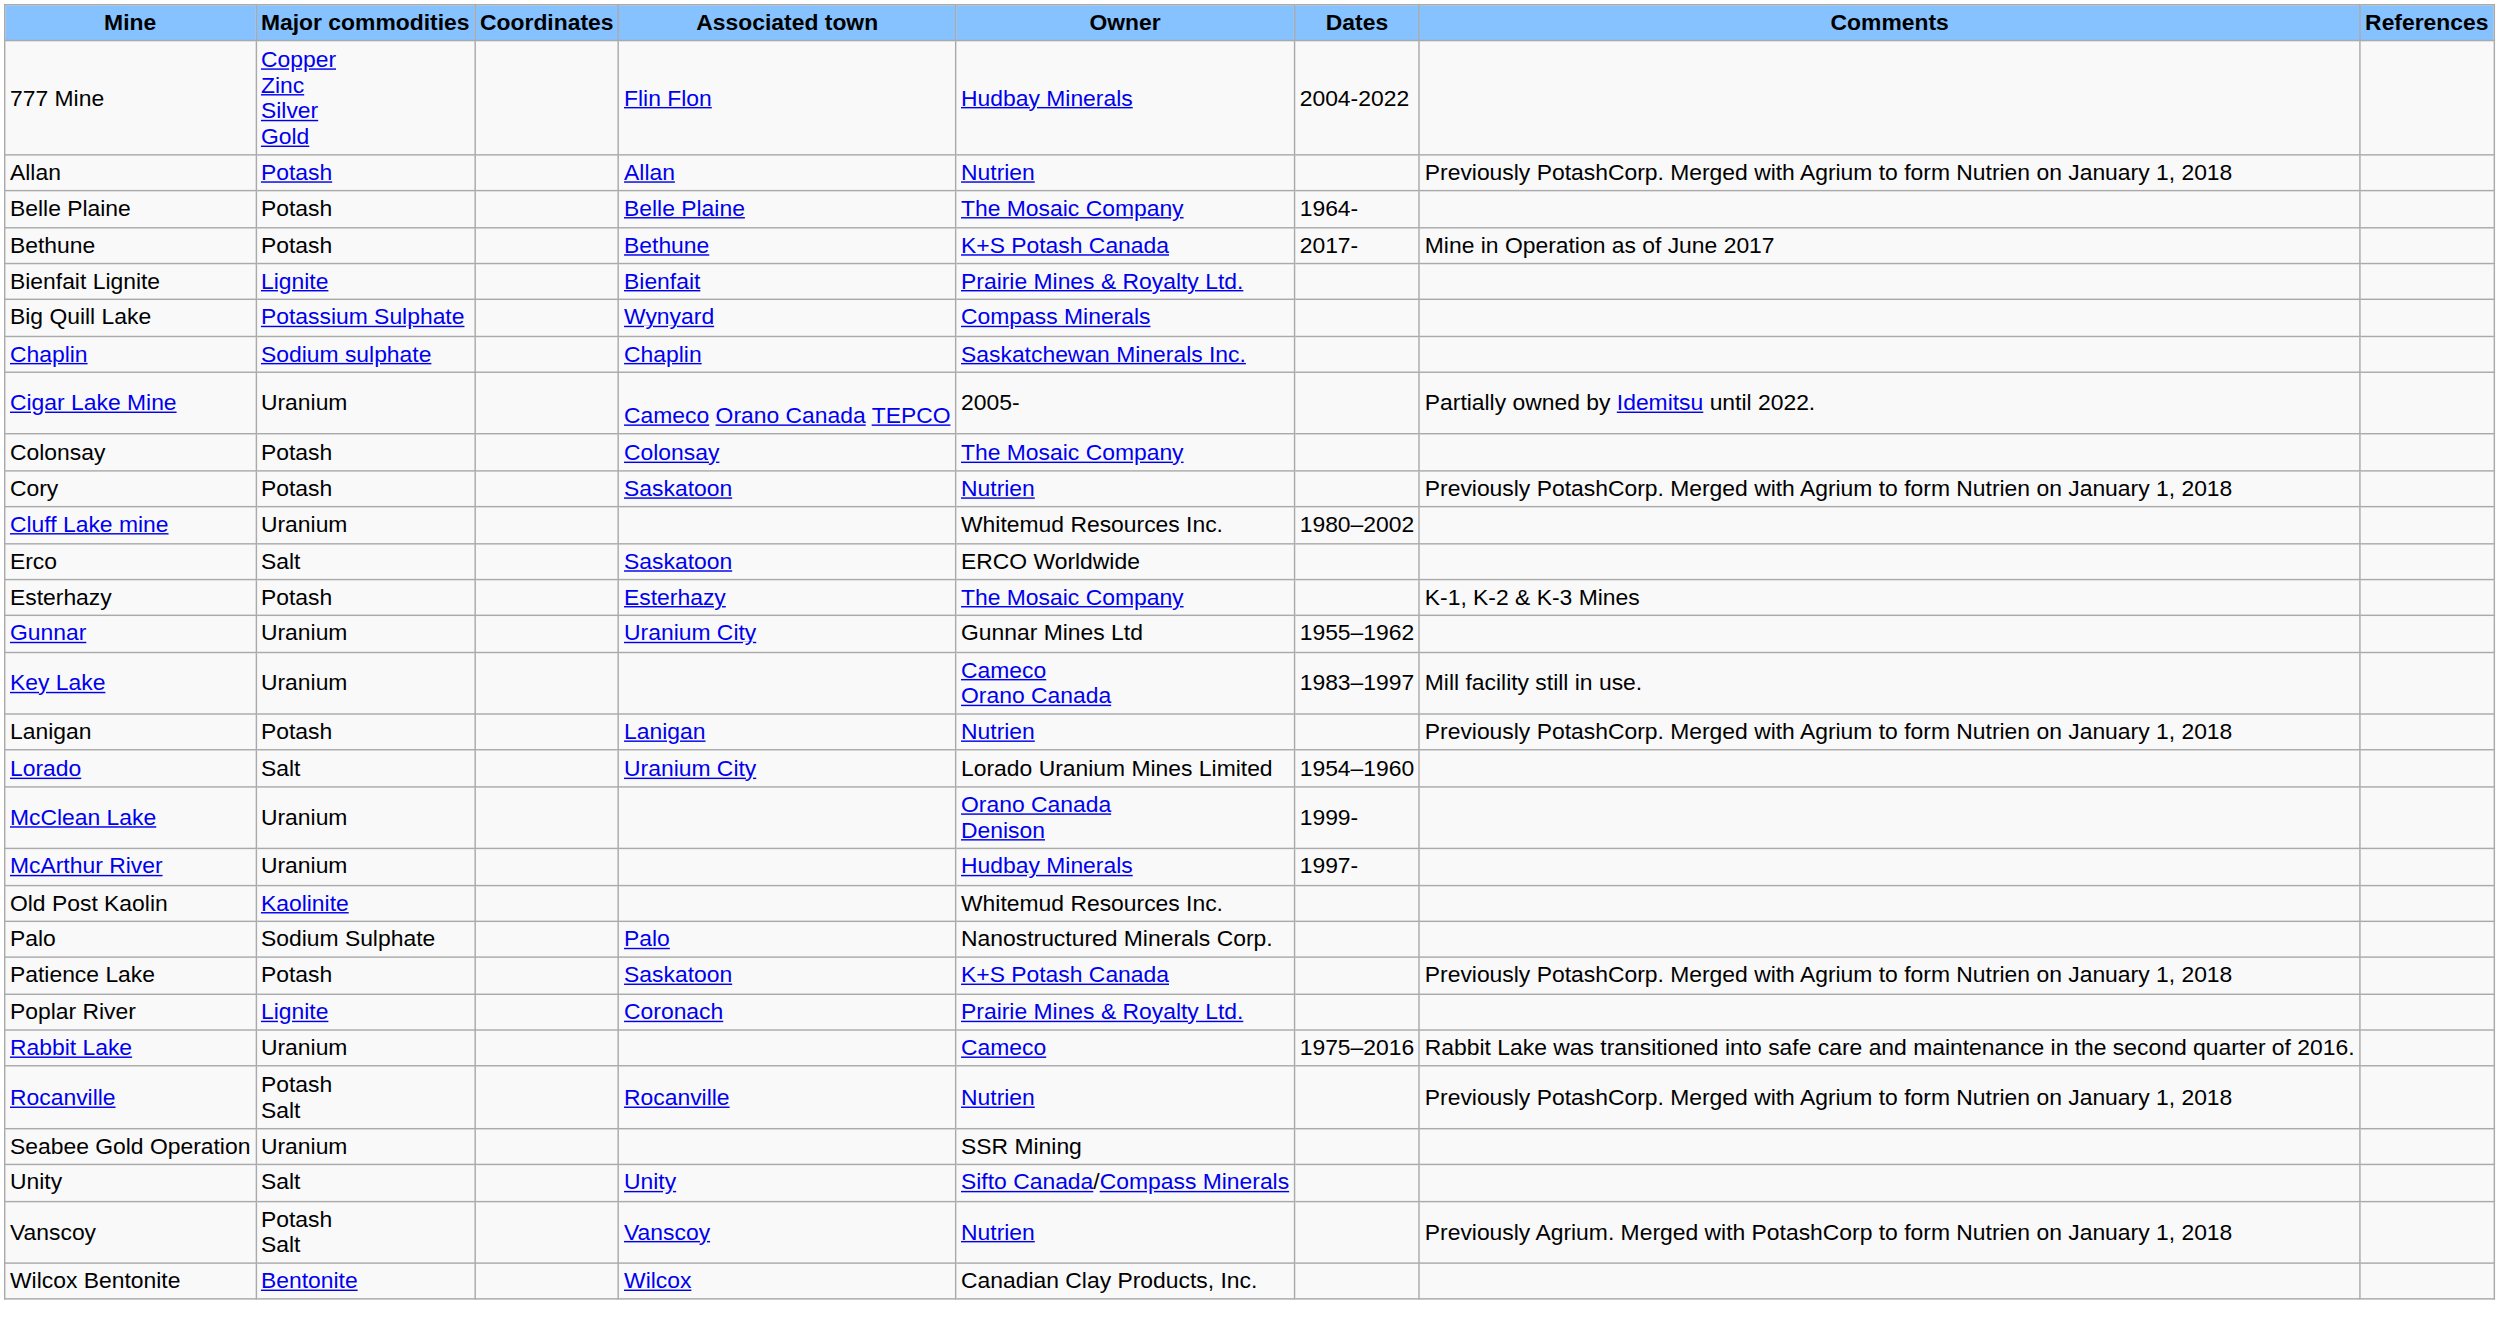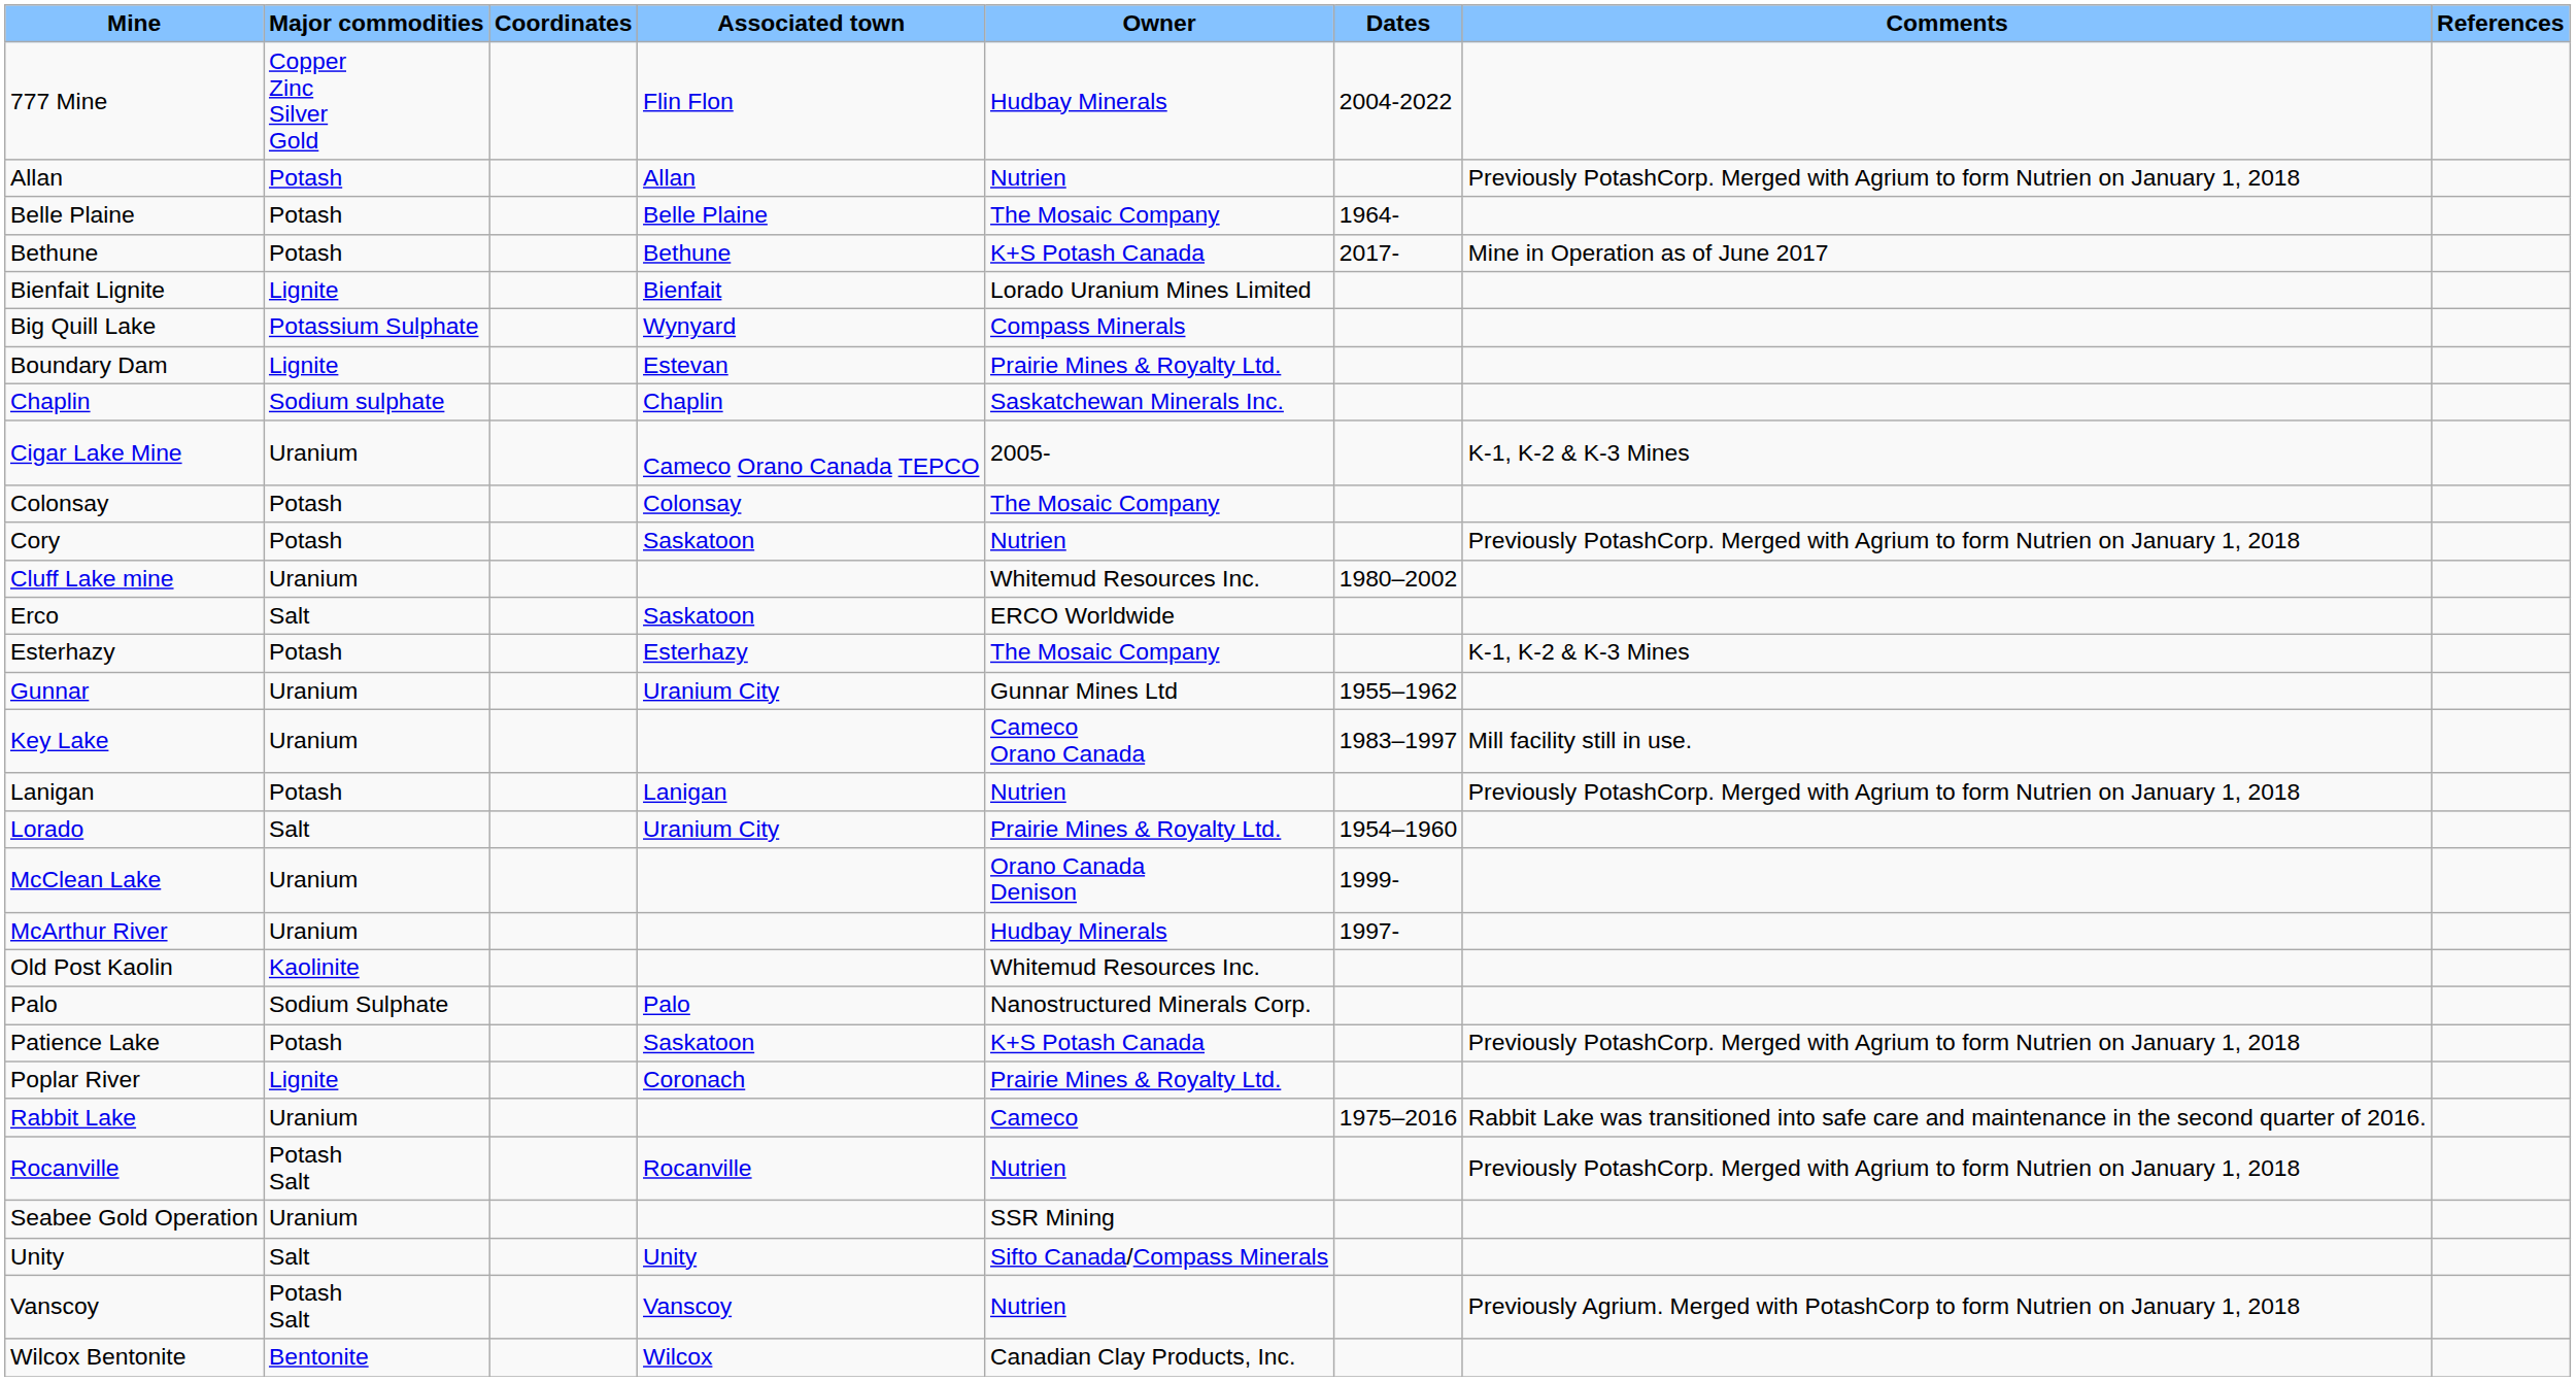 <table class="sortable wikitable">
 <tr>
 <th style="background-color:#85C2FF" align="center"><strong>Mine</strong></th>
 <th style="background-color:#85C2FF" align="center"><strong>Major commodities</strong></th>
 <th style="background-color:#85C2FF" align="center" class="unsortable"><strong>Coordinates</strong></th>
 <th style="background-color:#85C2FF" align="center"><strong>Associated town</strong></th>
 <th style="background-color:#85C2FF" align="center"><strong>Owner</strong></th>
 <th style="background-color:#85C2FF" align="center"><strong>Dates</strong></th>
 <th style="background-color:#85C2FF" align="center" class="unsortable"><strong>Comments</strong></th>
 <th style="background-color:#85C2FF" align="center" class="unsortable"><strong>References</strong></th>
 </tr>
 <tr>
 <td>777 Mine</td>
 <td><a href='#'>Copper</a><br><a href='#'>Zinc</a><br><a href='#'>Silver</a><br><a href='#'>Gold</a></td>
 <td></td>
 <td><a href='#'>Flin Flon</a></td>
 <td><a href='#'>Hudbay Minerals</a></td>
 <td>2004-2022</td>
 <td></td>
 <td></td>
 </tr>
 <tr>
 <td>Allan</td>
 <td><a href='#'>Potash</a></td>
 <td></td>
 <td><a href='#'>Allan</a></td>
 <td><a href='#'>Nutrien</a></td>
 <td></td>
 <td>Previously PotashCorp. Merged with Agrium to form Nutrien on January 1, 2018</td>
 <td></td>
 </tr>
 <tr>
 <td>Belle Plaine</td>
 <td>Potash</td>
 <td></td>
 <td><a href='#'>Belle Plaine</a></td>
 <td><a href='#'>The Mosaic Company</a></td>
 <td>1964-</td>
 <td></td>
 <td></td>
 </tr>
 <tr>
 <td>Bethune</td>
 <td>Potash</td>
 <td></td>
 <td><a href='#'>Bethune</a></td>
 <td><a href='#'>K+S Potash Canada</a></td>
 <td>2017-</td>
 <td>Mine in Operation as of June 2017</td>
 <td></td>
 </tr>
 <tr>
 <td>Bienfait Lignite</td>
 <td><a href='#'>Lignite</a></td>
 <td></td>
 <td><a href='#'>Bienfait</a></td>
-<td><a href='#'>Prairie Mines & Royalty Ltd.</a></td>
+<td>Lorado Uranium Mines Limited</td>
 <td></td>
 <td></td>
 <td></td>
 </tr>
 <tr>
 <td>Big Quill Lake</td>
 <td><a href='#'>Potassium Sulphate</a></td>
 <td></td>
 <td><a href='#'>Wynyard</a></td>
 <td><a href='#'>Compass Minerals</a></td>
+<td></td>
+<td></td>
+<td></td>
+</tr>
+<tr>
+<td>Boundary Dam</td>
+<td><a href='#'>Lignite</a></td>
+<td></td>
+<td><a href='#'>Estevan</a></td>
+<td><a href='#'>Prairie Mines & Royalty Ltd.</a></td>
 <td></td>
 <td></td>
 <td></td>
 </tr>
 <tr>
 <td><a href='#'>Chaplin</a></td>
 <td><a href='#'>Sodium sulphate</a></td>
 <td></td>
 <td><a href='#'>Chaplin</a></td>
 <td><a href='#'>Saskatchewan Minerals Inc.</a></td>
 <td></td>
 <td></td>
 <td></td>
 </tr>
 <tr>
 <td><a href='#'>Cigar Lake Mine</a></td>
 <td>Uranium</td>
 <td></td>
 <td><br><a href='#'>Cameco</a>  <a href='#'>Orano Canada</a> <a href='#'>TEPCO</a></td>
 <td>2005-</td>
 <td></td>
-<td>Partially owned by <a href='#'>Idemitsu</a> until 2022.</td>
+<td>K-1, K-2 & K-3 Mines</td>
 <td></td>
 </tr>
 <tr>
 <td>Colonsay</td>
 <td>Potash</td>
 <td></td>
 <td><a href='#'>Colonsay</a></td>
 <td><a href='#'>The Mosaic Company</a></td>
 <td></td>
 <td></td>
 <td></td>
 </tr>
 <tr>
 <td>Cory</td>
 <td>Potash</td>
 <td></td>
 <td><a href='#'>Saskatoon</a></td>
 <td><a href='#'>Nutrien</a></td>
 <td></td>
 <td>Previously PotashCorp. Merged with Agrium to form Nutrien on January 1, 2018</td>
 <td></td>
 </tr>
 <tr>
 <td><a href='#'>Cluff Lake mine</a></td>
 <td>Uranium</td>
 <td></td>
 <td></td>
 <td>Whitemud Resources Inc.</td>
 <td>1980–2002</td>
 <td></td>
 <td></td>
 </tr>
 <tr>
 <td>Erco</td>
 <td>Salt</td>
 <td></td>
 <td><a href='#'>Saskatoon</a></td>
 <td>ERCO Worldwide</td>
 <td></td>
 <td></td>
 <td></td>
 </tr>
 <tr>
 <td>Esterhazy</td>
 <td>Potash</td>
 <td></td>
 <td><a href='#'>Esterhazy</a></td>
 <td><a href='#'>The Mosaic Company</a></td>
 <td></td>
 <td>K-1, K-2 & K-3 Mines</td>
 <td></td>
 </tr>
 <tr>
 <td><a href='#'>Gunnar</a></td>
 <td>Uranium</td>
 <td></td>
 <td><a href='#'>Uranium City</a></td>
 <td>Gunnar Mines Ltd</td>
 <td>1955–1962</td>
 <td></td>
 <td></td>
 </tr>
 <tr>
 <td><a href='#'>Key Lake</a></td>
 <td>Uranium</td>
 <td></td>
 <td></td>
 <td><a href='#'>Cameco</a><br><a href='#'>Orano Canada</a></td>
 <td>1983–1997</td>
 <td>Mill facility still in use.</td>
 <td></td>
 </tr>
 <tr>
 <td>Lanigan</td>
 <td>Potash</td>
 <td></td>
 <td><a href='#'>Lanigan</a></td>
 <td><a href='#'>Nutrien</a></td>
 <td></td>
 <td>Previously PotashCorp. Merged with Agrium to form Nutrien on January 1, 2018</td>
 <td></td>
 </tr>
 <tr>
 <td><a href='#'>Lorado</a></td>
 <td>Salt</td>
 <td></td>
 <td><a href='#'>Uranium City</a></td>
-<td>Lorado Uranium Mines Limited</td>
+<td><a href='#'>Prairie Mines & Royalty Ltd.</a></td>
 <td>1954–1960</td>
 <td></td>
 <td></td>
 </tr>
 <tr>
 <td><a href='#'>McClean Lake</a></td>
 <td>Uranium</td>
 <td></td>
 <td></td>
 <td><a href='#'>Orano Canada</a><br><a href='#'>Denison</a></td>
 <td>1999-</td>
 <td></td>
 <td></td>
 </tr>
 <tr>
 <td><a href='#'>McArthur River</a></td>
 <td>Uranium</td>
 <td></td>
 <td></td>
 <td><a href='#'>Hudbay Minerals</a></td>
 <td>1997-</td>
 <td></td>
 <td></td>
 </tr>
 <tr>
 <td>Old Post Kaolin</td>
 <td><a href='#'>Kaolinite</a></td>
 <td></td>
 <td></td>
 <td>Whitemud Resources Inc.</td>
 <td></td>
 <td></td>
 <td></td>
 </tr>
 <tr>
 <td>Palo</td>
 <td>Sodium Sulphate</td>
 <td></td>
 <td><a href='#'>Palo</a></td>
 <td>Nanostructured Minerals Corp.</td>
 <td></td>
 <td></td>
 <td></td>
 </tr>
 <tr>
 <td>Patience Lake</td>
 <td>Potash</td>
 <td></td>
 <td><a href='#'>Saskatoon</a></td>
 <td><a href='#'>K+S Potash Canada</a></td>
 <td></td>
 <td>Previously PotashCorp. Merged with Agrium to form Nutrien on January 1, 2018</td>
 <td></td>
 </tr>
 <tr>
 <td>Poplar River</td>
 <td><a href='#'>Lignite</a></td>
 <td></td>
 <td><a href='#'>Coronach</a></td>
 <td><a href='#'>Prairie Mines & Royalty Ltd.</a></td>
 <td></td>
 <td></td>
 <td></td>
 </tr>
 <tr>
 <td><a href='#'>Rabbit Lake</a></td>
 <td>Uranium</td>
 <td></td>
 <td></td>
 <td><a href='#'>Cameco</a></td>
 <td>1975–2016</td>
 <td>Rabbit Lake was transitioned into safe care and maintenance in the second quarter of 2016.</td>
 <td></td>
 </tr>
 <tr>
 <td><a href='#'>Rocanville</a></td>
 <td>Potash <br>Salt</td>
 <td></td>
 <td><a href='#'>Rocanville</a></td>
 <td><a href='#'>Nutrien</a></td>
 <td></td>
 <td>Previously PotashCorp. Merged with Agrium to form Nutrien on January 1, 2018</td>
 <td></td>
 </tr>
 <tr>
 <td>Seabee Gold Operation</td>
 <td>Uranium</td>
 <td></td>
 <td></td>
 <td>SSR Mining</td>
 <td></td>
 <td></td>
 <td></td>
 </tr>
 <tr>
 <td>Unity</td>
 <td>Salt</td>
 <td></td>
 <td><a href='#'>Unity</a></td>
 <td><a href='#'>Sifto Canada</a>/<a href='#'>Compass Minerals</a></td>
 <td></td>
 <td></td>
 <td></td>
 </tr>
 <tr>
 <td>Vanscoy</td>
 <td>Potash <br>Salt</td>
 <td></td>
 <td><a href='#'>Vanscoy</a></td>
 <td><a href='#'>Nutrien</a></td>
 <td></td>
 <td>Previously Agrium. Merged with PotashCorp to form Nutrien on January 1, 2018</td>
 <td></td>
 </tr>
 <tr>
 <td>Wilcox Bentonite</td>
 <td><a href='#'>Bentonite</a></td>
 <td></td>
 <td><a href='#'>Wilcox</a></td>
 <td>Canadian Clay Products, Inc.</td>
 <td></td>
 <td></td>
 <td></td>
 </tr>
 </table>
